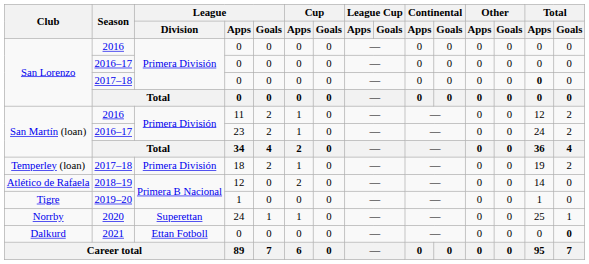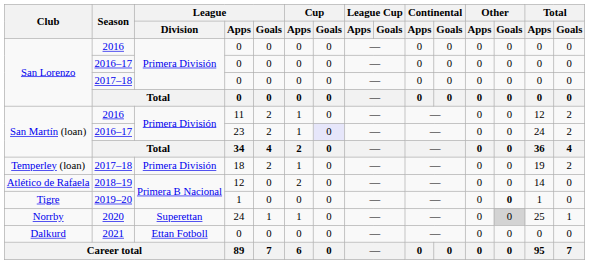 <table class="wikitable" style="text-align:center">
 <tr>
 <th rowspan="2">Club</th>
 <th rowspan="2">Season</th>
 <th colspan="3">League</th>
 <th colspan="2">Cup</th>
 <th colspan="2">League Cup</th>
 <th colspan="2">Continental</th>
 <th colspan="2">Other</th>
 <th colspan="2">Total</th>
 </tr>
 <tr>
 <th>Division</th>
 <th>Apps</th>
 <th>Goals</th>
 <th>Apps</th>
 <th>Goals</th>
 <th>Apps</th>
 <th>Goals</th>
 <th>Apps</th>
 <th>Goals</th>
 <th>Apps</th>
 <th>Goals</th>
 <th>Apps</th>
 <th>Goals</th>
 </tr>
 <tr>
 <td rowspan="4"><a href='#'>San Lorenzo</a></td>
 <td><a href='#'>2016</a></td>
 <td rowspan="3"><a href='#'>Primera División</a></td>
 <td>0</td>
 <td>0</td>
 <td>0</td>
 <td>0</td>
 <td colspan="2">—</td>
 <td>0</td>
 <td>0</td>
 <td>0</td>
 <td>0</td>
 <td>0</td>
 <td>0</td>
 </tr>
 <tr>
 <td><a href='#'>2016–17</a></td>
 <td>0</td>
 <td>0</td>
 <td>0</td>
 <td>0</td>
 <td colspan="2">—</td>
 <td>0</td>
 <td>0</td>
 <td>0</td>
 <td>0</td>
 <td>0</td>
 <td>0</td>
 </tr>
 <tr>
 <td><a href='#'>2017–18</a></td>
 <td>0</td>
 <td>0</td>
 <td>0</td>
 <td>0</td>
 <td colspan="2">—</td>
 <td>0</td>
 <td>0</td>
 <td>0</td>
 <td>0</td>
-<td><strong>0</strong></td>
+<td>0</td>
 <td>0</td>
 </tr>
 <tr>
 <th colspan="2">Total</th>
 <th>0</th>
 <th>0</th>
 <th>0</th>
 <th>0</th>
 <th colspan="2">—</th>
 <th>0</th>
 <th>0</th>
 <th>0</th>
 <th>0</th>
 <th>0</th>
 <th>0</th>
 </tr>
 <tr>
 <td rowspan="3"><a href='#'>San Martín</a> (loan)</td>
 <td><a href='#'>2016</a></td>
 <td rowspan="2"><a href='#'>Primera División</a></td>
 <td>11</td>
 <td>2</td>
 <td>1</td>
 <td>0</td>
 <td colspan="2">—</td>
 <td colspan="2">—</td>
 <td>0</td>
 <td>0</td>
 <td>12</td>
 <td>2</td>
 </tr>
 <tr>
 <td><a href='#'>2016–17</a></td>
 <td>23</td>
 <td>2</td>
 <td>1</td>
-<td>0</td>
+<td style="background: lavender;">0</td>
 <td colspan="2">—</td>
 <td colspan="2">—</td>
 <td>0</td>
 <td>0</td>
 <td>24</td>
 <td>2</td>
 </tr>
 <tr>
 <th colspan="2">Total</th>
 <th>34</th>
 <th>4</th>
 <th>2</th>
 <th>0</th>
 <th colspan="2">—</th>
 <th colspan="2">—</th>
 <th>0</th>
 <th>0</th>
 <th>36</th>
 <th>4</th>
 </tr>
 <tr>
 <td rowspan="1"><a href='#'>Temperley</a> (loan)</td>
 <td><a href='#'>2017–18</a></td>
 <td rowspan="1"><a href='#'>Primera División</a></td>
 <td>18</td>
 <td>2</td>
 <td>1</td>
 <td>0</td>
 <td colspan="2">—</td>
 <td colspan="2">—</td>
 <td>0</td>
 <td>0</td>
 <td>19</td>
 <td>2</td>
 </tr>
 <tr>
 <td rowspan="1"><a href='#'>Atlético de Rafaela</a></td>
 <td><a href='#'>2018–19</a></td>
 <td rowspan="2"><a href='#'>Primera B Nacional</a></td>
 <td>12</td>
 <td>0</td>
 <td>2</td>
 <td>0</td>
 <td colspan="2">—</td>
 <td colspan="2">—</td>
 <td>0</td>
 <td>0</td>
 <td>14</td>
 <td>0</td>
 </tr>
 <tr>
 <td rowspan="1"><a href='#'>Tigre</a></td>
 <td><a href='#'>2019–20</a></td>
 <td>1</td>
 <td>0</td>
 <td>0</td>
 <td>0</td>
 <td colspan="2">—</td>
 <td colspan="2">—</td>
 <td>0</td>
-<td>0</td>
+<td><strong>0</strong></td>
 <td>1</td>
 <td>0</td>
 </tr>
 <tr>
 <td rowspan="1"><a href='#'>Norrby</a></td>
 <td><a href='#'>2020</a></td>
 <td><a href='#'>Superettan</a></td>
 <td>24</td>
 <td>1</td>
 <td>1</td>
 <td>0</td>
 <td colspan="2">—</td>
 <td colspan="2">—</td>
 <td>0</td>
-<td>0</td>
+<td style="background: lightgrey;">0</td>
 <td>25</td>
 <td>1</td>
 </tr>
 <tr>
 <td rowspan="1"><a href='#'>Dalkurd</a></td>
 <td><a href='#'>2021</a></td>
 <td><a href='#'>Ettan Fotboll</a></td>
 <td>0</td>
 <td>0</td>
 <td>0</td>
 <td>0</td>
 <td colspan="2">—</td>
 <td colspan="2">—</td>
 <td>0</td>
 <td>0</td>
 <td>0</td>
-<td><strong>0</strong></td>
+<td>0</td>
 </tr>
 <tr>
 <th colspan="3">Career total</th>
 <th>89</th>
 <th>7</th>
 <th>6</th>
 <th>0</th>
 <th colspan="2">—</th>
 <th>0</th>
 <th>0</th>
 <th>0</th>
 <th>0</th>
 <th>95</th>
 <th>7</th>
 </tr>
 </table>
